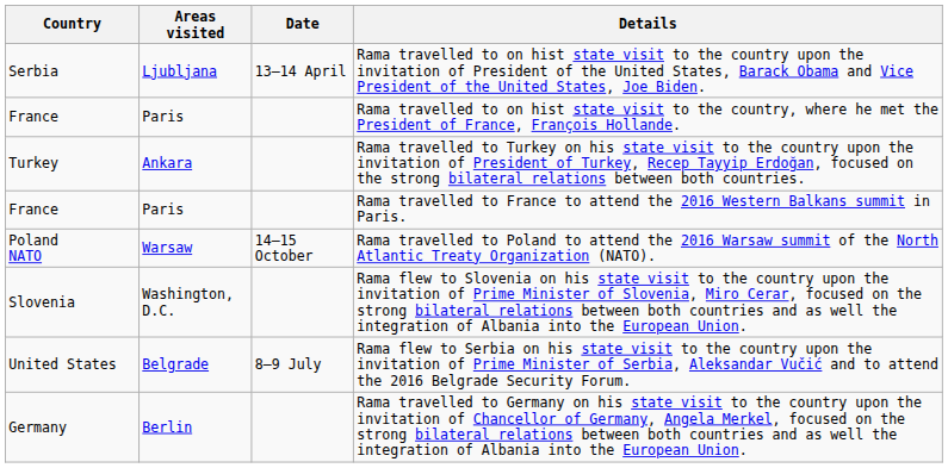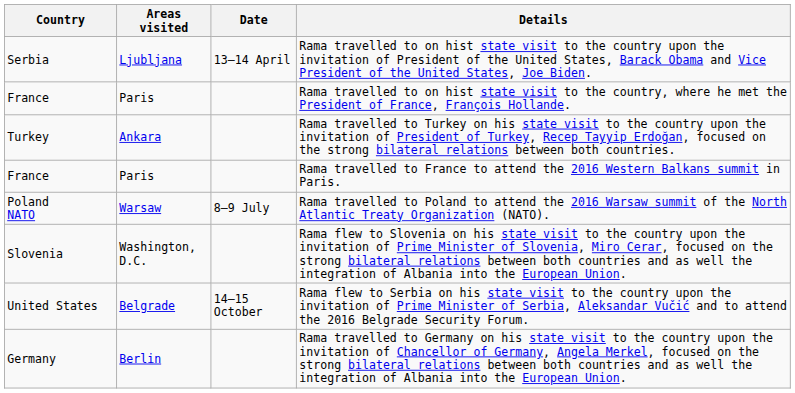 <table class="wikitable sortable outercollapse" style="margin: 1em auto 1em auto">
 <tr>
 <th width=120>Country</th>
 <th width=100>Areas visited</th>
 <th width=90>Date</th>
 <th width=550>Details</th>
 </tr>
 <tr>
 <td> Serbia</td>
 <td><a href='#'>Ljubljana</a></td>
 <td>13–14 April</td>
 <td>Rama travelled to on hist <a href='#'>state visit</a> to the country upon the invitation of President of the United States, <a href='#'>Barack Obama</a> and <a href='#'>Vice President of the United States</a>, <a href='#'>Joe Biden</a>.</td>
 </tr>
 <tr>
 <td> France</td>
 <td>Paris</td>
 <td></td>
 <td>Rama travelled to on hist <a href='#'>state visit</a> to the country, where he met the <a href='#'>President of France</a>, <a href='#'>François Hollande</a>.</td>
 </tr>
 <tr>
 <td> Turkey</td>
 <td><a href='#'>Ankara</a></td>
 <td></td>
 <td>Rama travelled to Turkey on his <a href='#'>state visit</a> to the country upon the invitation of <a href='#'>President of Turkey</a>, <a href='#'>Recep Tayyip Erdoğan</a>, focused on the strong <a href='#'>bilateral relations</a> between both countries.</td>
 </tr>
 <tr>
 <td> France</td>
 <td>Paris</td>
 <td></td>
 <td>Rama travelled to France to attend the <a href='#'>2016 Western Balkans summit</a> in Paris.</td>
 </tr>
 <tr>
 <td> Poland <br>  <a href='#'>NATO</a></td>
 <td><a href='#'>Warsaw</a></td>
-<td>14–15 October</td>
+<td>8–9 July</td>
 <td>Rama travelled to Poland to attend the <a href='#'>2016 Warsaw summit</a> of the <a href='#'>North Atlantic Treaty Organization</a> (NATO).</td>
 </tr>
 <tr>
 <td> Slovenia</td>
 <td>Washington, D.C.</td>
 <td></td>
 <td>Rama flew to Slovenia on his <a href='#'>state visit</a> to the country upon the invitation of <a href='#'>Prime Minister of Slovenia</a>, <a href='#'>Miro Cerar</a>, focused on the strong <a href='#'>bilateral relations</a> between both countries and as well the integration of Albania into the <a href='#'>European Union</a>.</td>
 </tr>
 <tr>
 <td> United States</td>
 <td><a href='#'>Belgrade</a></td>
-<td>8–9 July</td>
+<td>14–15 October</td>
 <td>Rama flew to Serbia on his <a href='#'>state visit</a> to the country upon the invitation of <a href='#'>Prime Minister of Serbia</a>, <a href='#'>Aleksandar Vučić</a> and to attend the 2016 Belgrade Security Forum.</td>
 </tr>
 <tr>
 <td> Germany</td>
 <td><a href='#'>Berlin</a></td>
 <td></td>
 <td>Rama travelled to Germany on his <a href='#'>state visit</a> to the country upon the invitation of <a href='#'>Chancellor of Germany</a>, <a href='#'>Angela Merkel</a>, focused on the strong <a href='#'>bilateral relations</a> between both countries and as well the integration of Albania into the <a href='#'>European Union</a>.</td>
 </tr>
 </table>
